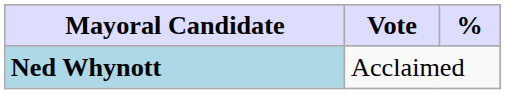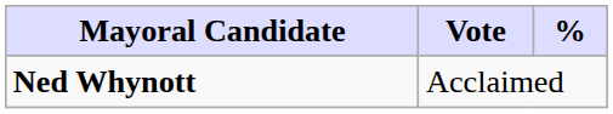 <table class="wikitable">
 <tr>
 <th style="background:#ddf; width:200px;">Mayoral Candidate</th>
 <th style="background:#ddf; width:50px;">Vote</th>
 <th style="background:#ddf; width:30px;">%</th>
 </tr>
 <tr>
-<td style="background: lightblue;"><strong>Ned Whynott</strong></td>
+<td><strong>Ned Whynott</strong></td>
 <td colspan="2">Acclaimed</td>
 </tr>
 </table>
